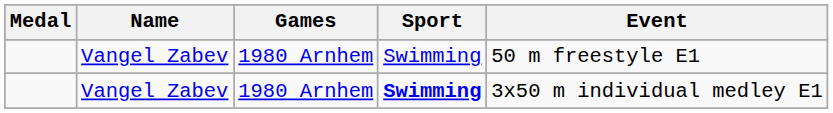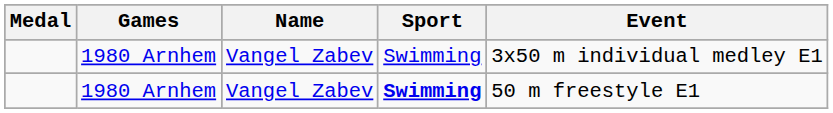 <table class="wikitable sortable" style="font-size:90%">
 <tr>
 <th>Medal</th>
+<th>Games</th>
 <th>Name</th>
-<th>Games</th>
 <th>Sport</th>
 <th>Event</th>
 </tr>
 <tr>
 <td></td>
+<td><a href='#'>1980 Arnhem</a></td>
 <td><a href='#'>Vangel Zabev</a></td>
-<td><a href='#'>1980 Arnhem</a></td>
 <td><a href='#'>Swimming</a></td>
-<td>50 m freestyle E1</td>
+<td>3x50 m individual medley E1</td>
 </tr>
 <tr>
 <td></td>
+<td><a href='#'>1980 Arnhem</a></td>
 <td><a href='#'>Vangel Zabev</a></td>
-<td><a href='#'>1980 Arnhem</a></td>
 <td><strong><a href='#'>Swimming</a></strong></td>
-<td>3x50 m individual medley E1</td>
+<td>50 m freestyle E1</td>
 </tr>
 </table>
